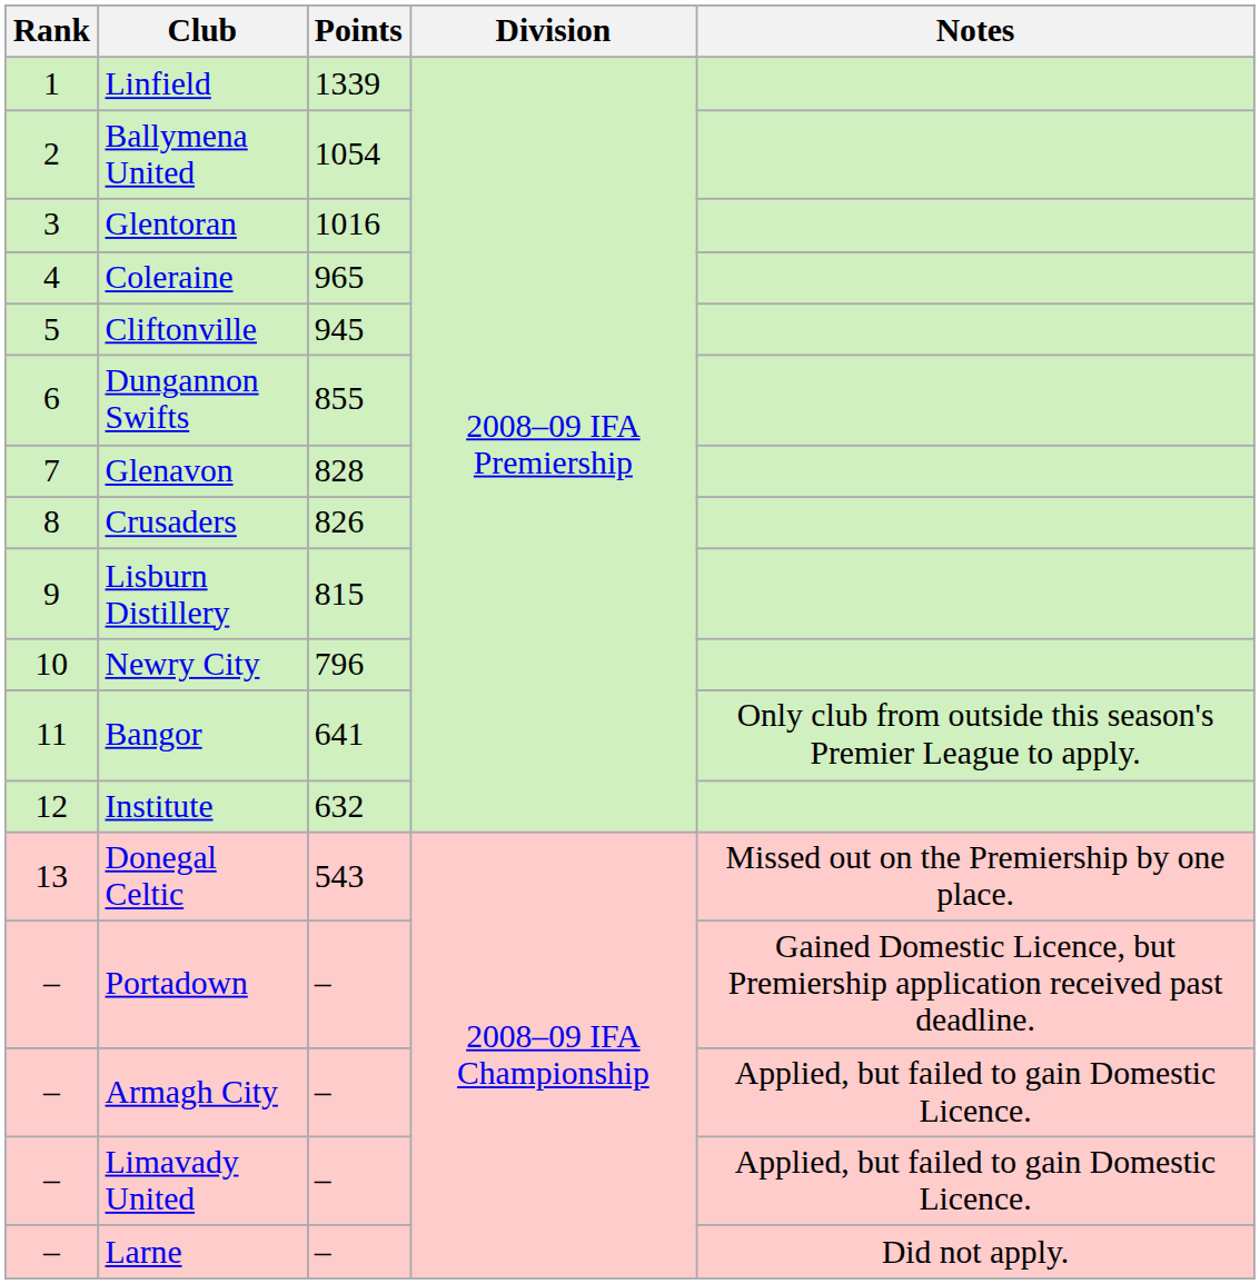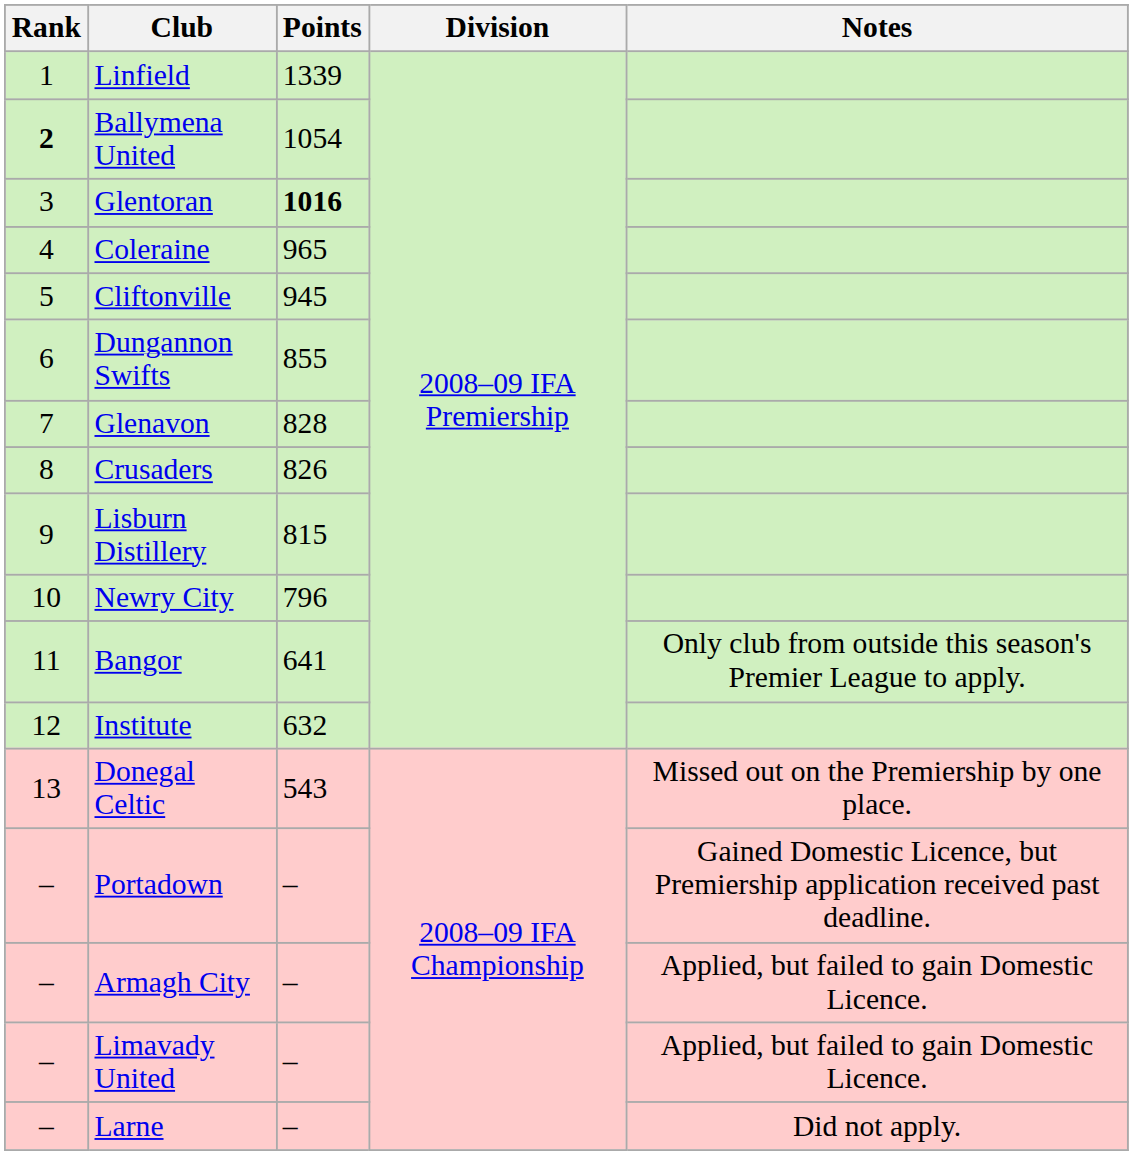 <table class="wikitable" style="text-align:center">
 <tr>
 <th>Rank</th>
 <th>Club</th>
 <th>Points</th>
 <th>Division</th>
 <th>Notes</th>
 </tr>
 <tr bgcolor=#D0F0C0>
 <td>1</td>
 <td align="left"><a href='#'>Linfield</a></td>
 <td align="left">1339</td>
 <td rowspan="12"><a href='#'>2008–09 IFA Premiership</a></td>
 <td></td>
 </tr>
 <tr bgcolor=#D0F0C0>
-<td>2</td>
+<td><strong>2</strong></td>
 <td align="left"><a href='#'>Ballymena United</a></td>
 <td align="left">1054</td>
 <td></td>
 </tr>
 <tr bgcolor=#D0F0C0>
 <td>3</td>
 <td align="left"><a href='#'>Glentoran</a></td>
-<td align="left">1016</td>
+<td align="left"><strong>1016</strong></td>
 <td></td>
 </tr>
 <tr bgcolor=#D0F0C0>
 <td>4</td>
 <td align="left"><a href='#'>Coleraine</a></td>
 <td align="left">965</td>
 <td></td>
 </tr>
 <tr bgcolor=#D0F0C0>
 <td>5</td>
 <td align="left"><a href='#'>Cliftonville</a></td>
 <td align="left">945</td>
 <td></td>
 </tr>
 <tr bgcolor=#D0F0C0>
 <td>6</td>
 <td align="left"><a href='#'>Dungannon Swifts</a></td>
 <td align="left">855</td>
 <td></td>
 </tr>
 <tr bgcolor=#D0F0C0>
 <td>7</td>
 <td align="left"><a href='#'>Glenavon</a></td>
 <td align="left">828</td>
 <td></td>
 </tr>
 <tr bgcolor=#D0F0C0>
 <td>8</td>
 <td align="left"><a href='#'>Crusaders</a></td>
 <td align="left">826</td>
 <td></td>
 </tr>
 <tr bgcolor=#D0F0C0>
 <td>9</td>
 <td align="left"><a href='#'>Lisburn Distillery</a></td>
 <td align="left">815</td>
 <td></td>
 </tr>
 <tr bgcolor=#D0F0C0>
 <td>10</td>
 <td align="left"><a href='#'>Newry City</a></td>
 <td align="left">796</td>
 <td></td>
 </tr>
 <tr bgcolor=#D0F0C0>
 <td>11</td>
 <td align="left"><a href='#'>Bangor</a></td>
 <td align="left">641</td>
 <td>Only club from outside this season's Premier League to apply.</td>
 </tr>
 <tr bgcolor=#D0F0C0>
 <td>12</td>
 <td align="left"><a href='#'>Institute</a></td>
 <td align="left">632</td>
 <td></td>
 </tr>
 <tr bgcolor=#FFCCCC>
 <td>13</td>
 <td align="left"><a href='#'>Donegal Celtic</a></td>
 <td align="left">543</td>
 <td rowspan="5"><a href='#'>2008–09 IFA Championship</a></td>
 <td>Missed out on the Premiership by one place.</td>
 </tr>
 <tr bgcolor=#FFCCCC>
 <td>–</td>
 <td align="left"><a href='#'>Portadown</a></td>
 <td align="left">–</td>
 <td>Gained Domestic Licence, but Premiership application received past deadline.</td>
 </tr>
 <tr bgcolor=#FFCCCC>
 <td>–</td>
 <td align="left"><a href='#'>Armagh City</a></td>
 <td align="left">–</td>
 <td>Applied, but failed to gain Domestic Licence.</td>
 </tr>
 <tr bgcolor=#FFCCCC>
 <td>–</td>
 <td align="left"><a href='#'>Limavady United</a></td>
 <td align="left">–</td>
 <td>Applied, but failed to gain Domestic Licence.</td>
 </tr>
 <tr bgcolor=#FFCCCC>
 <td>–</td>
 <td align="left"><a href='#'>Larne</a></td>
 <td align="left">–</td>
 <td>Did not apply.</td>
 </tr>
 </table>
